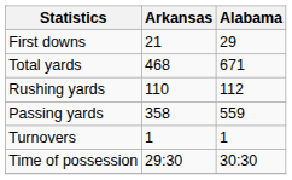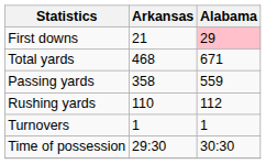 <table class="wikitable" style="float: left;">
 <tr>
 <th>Statistics</th>
 <th>Arkansas</th>
 <th>Alabama</th>
 </tr>
 <tr>
 <td>First downs</td>
 <td>21</td>
-<td>29</td>
+<td style="background: pink;">29</td>
 </tr>
 <tr>
 <td>Total yards</td>
 <td>468</td>
 <td>671</td>
 </tr>
 <tr>
+<td>Passing yards</td>
+<td>358</td>
+<td>559</td>
+</tr>
+<tr>
 <td>Rushing yards</td>
 <td>110</td>
 <td>112</td>
-</tr>
-<tr>
-<td>Passing yards</td>
-<td>358</td>
-<td>559</td>
 </tr>
 <tr>
 <td>Turnovers</td>
 <td>1</td>
 <td>1</td>
 </tr>
 <tr>
 <td>Time of possession</td>
 <td>29:30</td>
 <td>30:30</td>
 </tr>
 <tr>
 </tr>
 </table>
